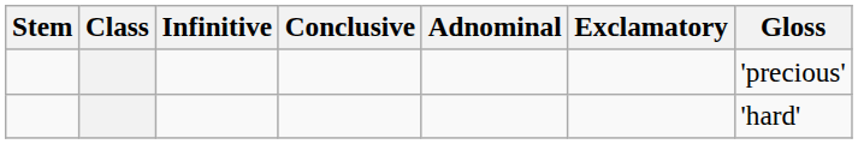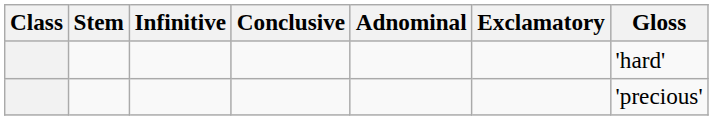 <table class="wikitable">
 <tr>
+<th>Class</th>
 <th>Stem</th>
-<th>Class</th>
 <th>Infinitive</th>
 <th>Conclusive</th>
 <th>Adnominal</th>
 <th>Exclamatory</th>
 <th>Gloss</th>
 </tr>
 <tr>
+<th></th>
 <td></td>
+<td></td>
+<td></td>
+<td></td>
+<td></td>
+<td>'hard'</td>
+</tr>
+<tr>
 <th></th>
+<td></td>
 <td></td>
 <td></td>
 <td></td>
 <td></td>
 <td>'precious'</td>
 </tr>
-<tr>
-<td></td>
-<th></th>
-<td></td>
-<td></td>
-<td></td>
-<td></td>
-<td>'hard'</td>
-</tr>
 </table>
